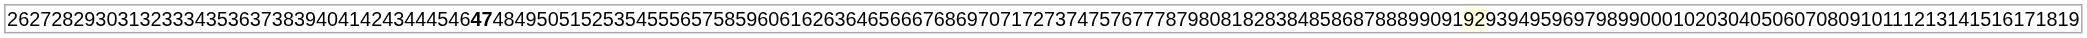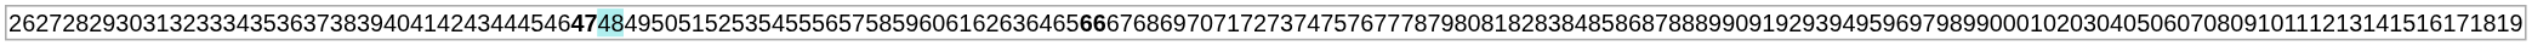 <table Cellpadding="0" CellSpacing="0" style="font-size:100%; border:1px solid #aaaaaa; padding:1px;">
 <tr valign="bottom">
 <td></td>
 <td></td>
 <td></td>
 <td></td>
 <td></td>
 <td></td>
 <td></td>
 <td></td>
 <td></td>
 <td></td>
 <td></td>
 <td></td>
 <td></td>
 <td></td>
 <td></td>
 <td></td>
 <td></td>
 <td></td>
 <td></td>
 <td></td>
 <td></td>
 <td></td>
 <td></td>
 <td></td>
 <td></td>
 <td></td>
 <td></td>
 <td></td>
 <td></td>
 <td></td>
 <td></td>
 <td></td>
 <td></td>
 <td></td>
 <td></td>
 <td></td>
 <td></td>
 <td></td>
 <td></td>
 <td></td>
 <td></td>
 <td></td>
 <td></td>
 <td></td>
 <td></td>
 <td></td>
 <td></td>
 <td></td>
 <td></td>
 <td></td>
 <td></td>
 <td></td>
 <td></td>
 <td></td>
 <td></td>
 <td></td>
 <td></td>
 <td></td>
 <td></td>
 <td></td>
 <td></td>
 <td></td>
 <td></td>
 <td></td>
 <td></td>
 <td></td>
 <td></td>
 <td></td>
 <td></td>
 <td></td>
 <td></td>
 <td></td>
 <td></td>
 <td></td>
 <td></td>
 <td></td>
 <td></td>
 <td></td>
 <td></td>
 <td></td>
 <td></td>
 <td></td>
 <td></td>
 <td></td>
 <td></td>
 <td></td>
 <td></td>
 <td></td>
 <td></td>
 <td></td>
 <td></td>
 <td></td>
 <td></td>
 <td></td>
 </tr>
 <tr align=center style="font-size:80%;">
 <td>26</td>
 <td>27</td>
 <td>28</td>
 <td>29</td>
 <td>30</td>
 <td>31</td>
 <td>32</td>
 <td>33</td>
 <td>34</td>
 <td>35</td>
 <td>36</td>
 <td>37</td>
 <td>38</td>
 <td>39</td>
 <td>40</td>
 <td>41</td>
 <td>42</td>
 <td>43</td>
 <td>44</td>
 <td>45</td>
 <td>46</td>
 <td><strong>47</strong></td>
-<td>48</td>
+<td style="background: paleturquoise;">48</td>
 <td>49</td>
 <td>50</td>
 <td>51</td>
 <td>52</td>
 <td>53</td>
 <td>54</td>
 <td>55</td>
 <td>56</td>
 <td>57</td>
 <td>58</td>
 <td>59</td>
 <td>60</td>
 <td>61</td>
 <td>62</td>
 <td>63</td>
 <td>64</td>
 <td>65</td>
-<td>66</td>
+<td><strong>66</strong></td>
 <td>67</td>
 <td>68</td>
 <td>69</td>
 <td>70</td>
 <td>71</td>
 <td>72</td>
 <td>73</td>
 <td>74</td>
 <td>75</td>
 <td>76</td>
 <td>77</td>
 <td>78</td>
 <td>79</td>
 <td>80</td>
 <td>81</td>
 <td>82</td>
 <td>83</td>
 <td>84</td>
 <td>85</td>
 <td>86</td>
 <td>87</td>
 <td>88</td>
 <td>89</td>
 <td>90</td>
 <td>91</td>
-<td style="background: lightyellow;">92</td>
+<td>92</td>
 <td>93</td>
 <td>94</td>
 <td>95</td>
 <td>96</td>
 <td>97</td>
 <td>98</td>
 <td>99</td>
 <td>00</td>
 <td>01</td>
 <td>02</td>
 <td>03</td>
 <td>04</td>
 <td>05</td>
 <td>06</td>
 <td>07</td>
 <td>08</td>
 <td>09</td>
 <td>10</td>
 <td>11</td>
 <td>12</td>
 <td>13</td>
 <td>14</td>
 <td>15</td>
 <td>16</td>
 <td>17</td>
 <td>18</td>
 <td>19</td>
 </tr>
 </table>
